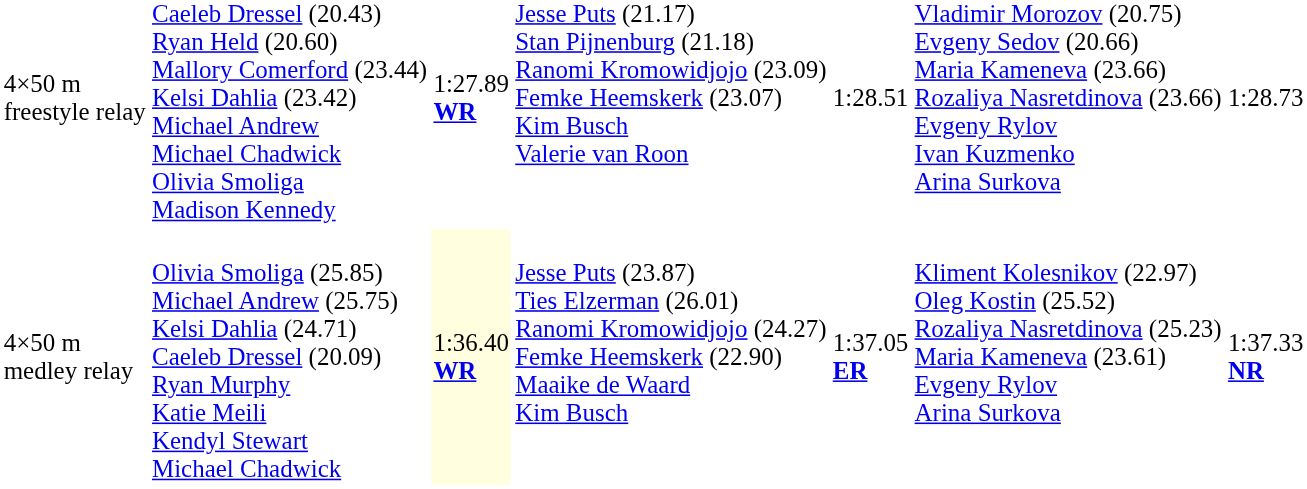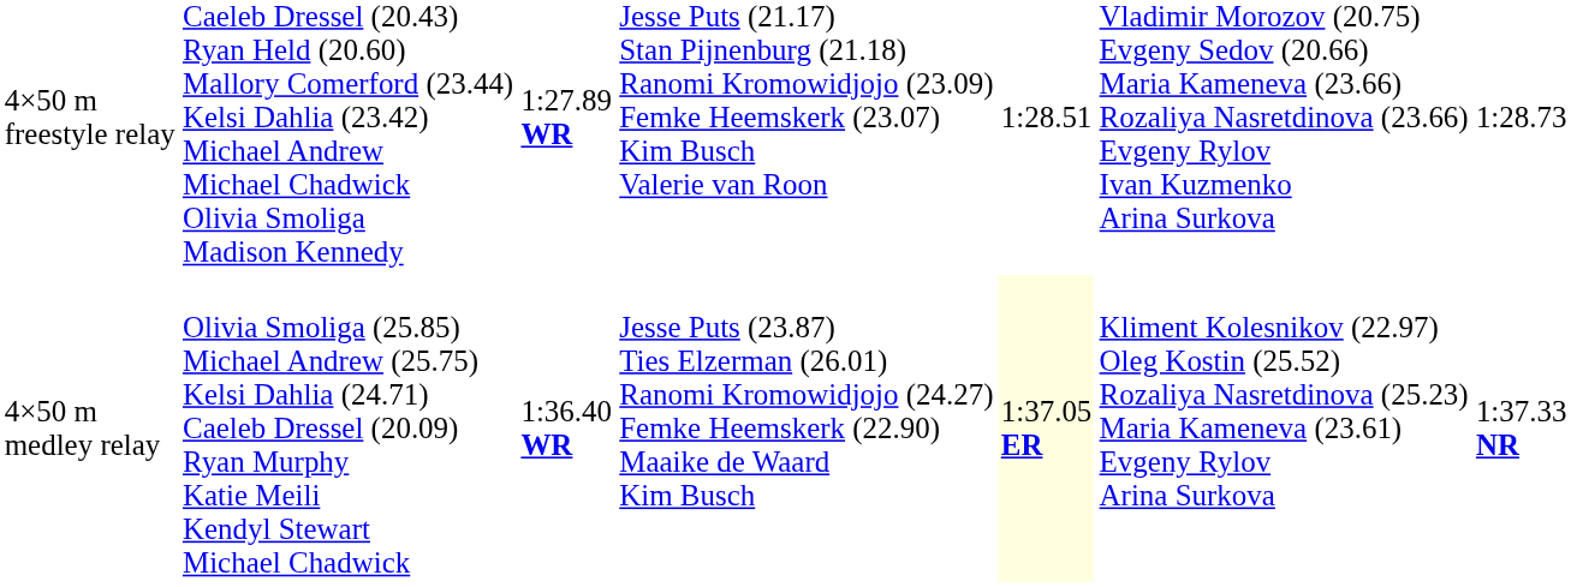 <table>
 <tr>
 <td>4×50 m<br>freestyle relay<br></td>
 <td valign=top><br><a href='#'>Caeleb Dressel</a> (20.43)<br><a href='#'>Ryan Held</a> (20.60)<br><a href='#'>Mallory Comerford</a> (23.44)<br><a href='#'>Kelsi Dahlia</a> (23.42)<br><a href='#'>Michael Andrew</a><br><a href='#'>Michael Chadwick</a><br><a href='#'>Olivia Smoliga</a><br><a href='#'>Madison Kennedy</a></td>
 <td>1:27.89<br><strong><a href='#'>WR</a></strong></td>
 <td valign=top><br><a href='#'>Jesse Puts</a> (21.17)<br><a href='#'>Stan Pijnenburg</a> (21.18)<br><a href='#'>Ranomi Kromowidjojo</a> (23.09)<br><a href='#'>Femke Heemskerk</a> (23.07)<br><a href='#'>Kim Busch</a><br><a href='#'>Valerie van Roon</a></td>
 <td>1:28.51</td>
 <td valign=top><br><a href='#'>Vladimir Morozov</a> (20.75)<br><a href='#'>Evgeny Sedov</a> (20.66)<br><a href='#'>Maria Kameneva</a> (23.66)<br><a href='#'>Rozaliya Nasretdinova</a> (23.66)<br><a href='#'>Evgeny Rylov</a><br><a href='#'>Ivan Kuzmenko</a><br><a href='#'>Arina Surkova</a></td>
 <td>1:28.73</td>
 </tr>
 <tr>
 <td>4×50 m<br>medley relay<br></td>
 <td valign=top><br><a href='#'>Olivia Smoliga</a> (25.85)<br><a href='#'>Michael Andrew</a> (25.75)<br><a href='#'>Kelsi Dahlia</a> (24.71)<br><a href='#'>Caeleb Dressel</a> (20.09)<br><a href='#'>Ryan Murphy</a><br><a href='#'>Katie Meili</a><br><a href='#'>Kendyl Stewart</a><br><a href='#'>Michael Chadwick</a></td>
-<td style="background: lightyellow;">1:36.40<br><strong><a href='#'>WR</a></strong></td>
+<td>1:36.40<br><strong><a href='#'>WR</a></strong></td>
 <td valign=top><br><a href='#'>Jesse Puts</a> (23.87)<br><a href='#'>Ties Elzerman</a> (26.01)<br><a href='#'>Ranomi Kromowidjojo</a> (24.27)<br><a href='#'>Femke Heemskerk</a> (22.90)<br><a href='#'>Maaike de Waard</a><br><a href='#'>Kim Busch</a></td>
-<td>1:37.05<br><strong><a href='#'>ER</a></strong></td>
+<td style="background: lightyellow;">1:37.05<br><strong><a href='#'>ER</a></strong></td>
 <td valign=top><br><a href='#'>Kliment Kolesnikov</a> (22.97)<br><a href='#'>Oleg Kostin</a> (25.52)<br><a href='#'>Rozaliya Nasretdinova</a> (25.23)<br><a href='#'>Maria Kameneva</a> (23.61)<br><a href='#'>Evgeny Rylov</a><br><a href='#'>Arina Surkova</a></td>
 <td>1:37.33<br><strong><a href='#'>NR</a></strong></td>
 </tr>
 </table>
